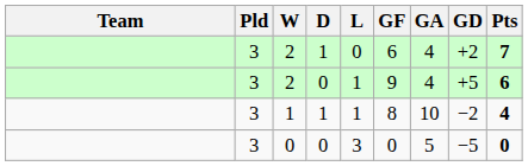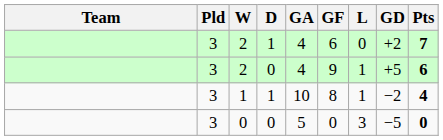 <table class="wikitable" style="text-align:center;">
 <tr>
 <th width=180>Team</th>
 <th width=20>Pld</th>
 <th width=20>W</th>
 <th width=20>D</th>
+<th width=20>GA</th>
+<th width=20>GF</th>
 <th width=20>L</th>
-<th width=20>GF</th>
-<th width=20>GA</th>
 <th width=20>GD</th>
 <th width=20>Pts</th>
 </tr>
 <tr align=center style="background:#ccffcc;">
 <td style="text-align:left;"></td>
 <td>3</td>
 <td>2</td>
 <td>1</td>
+<td>4</td>
+<td>6</td>
 <td>0</td>
-<td>6</td>
-<td>4</td>
 <td>+2</td>
 <td><strong>7</strong></td>
 </tr>
 <tr align=center style="background:#ccffcc;">
 <td style="text-align:left;"></td>
 <td>3</td>
 <td>2</td>
 <td>0</td>
+<td>4</td>
+<td>9</td>
 <td>1</td>
-<td>9</td>
-<td>4</td>
 <td>+5</td>
 <td><strong>6</strong></td>
 </tr>
 <tr align=center>
 <td style="text-align:left;"></td>
 <td>3</td>
 <td>1</td>
 <td>1</td>
+<td>10</td>
+<td>8</td>
 <td>1</td>
-<td>8</td>
-<td>10</td>
 <td>−2</td>
 <td><strong>4</strong></td>
 </tr>
 <tr align=center>
 <td style="text-align:left;"></td>
 <td>3</td>
 <td>0</td>
 <td>0</td>
+<td>5</td>
+<td>0</td>
 <td>3</td>
-<td>0</td>
-<td>5</td>
 <td>−5</td>
 <td><strong>0</strong></td>
 </tr>
 </table>
